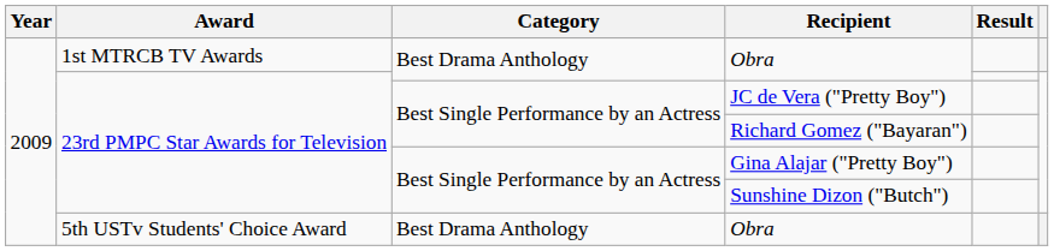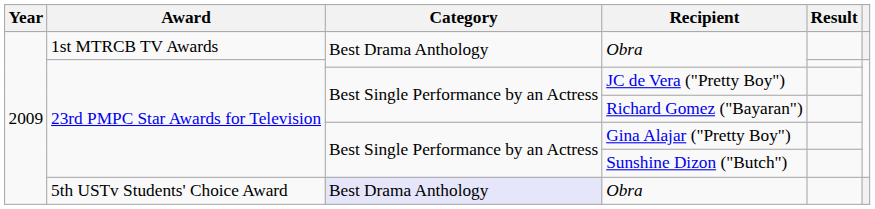 <table class="wikitable">
 <tr>
 <th>Year</th>
 <th>Award</th>
 <th>Category</th>
 <th>Recipient</th>
 <th>Result</th>
 <th></th>
 </tr>
 <tr>
 <td rowspan=7>2009</td>
 <td>1st MTRCB TV Awards</td>
 <td rowspan=2>Best Drama Anthology</td>
 <td rowspan=2><em>Obra</em></td>
 <td></td>
 <th></th>
 </tr>
 <tr>
 <td rowspan=5><a href='#'>23rd PMPC Star Awards for Television</a></td>
 <td></td>
 <td rowspan=5></td>
 </tr>
 <tr>
 <td rowspan=2>Best Single Performance by an Actress</td>
 <td><a href='#'>JC de Vera</a> ("Pretty Boy")</td>
 <td></td>
 </tr>
 <tr>
 <td><a href='#'>Richard Gomez</a> ("Bayaran")</td>
 <td></td>
 </tr>
 <tr>
 <td rowspan=2>Best Single Performance by an Actress</td>
 <td><a href='#'>Gina Alajar</a> ("Pretty Boy")</td>
 <td></td>
 </tr>
 <tr>
 <td><a href='#'>Sunshine Dizon</a> ("Butch")</td>
 <td></td>
 </tr>
 <tr>
 <td>5th USTv Students' Choice Award</td>
-<td>Best Drama Anthology</td>
+<td style="background: lavender;">Best Drama Anthology</td>
 <td><em>Obra</em></td>
 <td></td>
 <th></th>
 </tr>
 </table>
